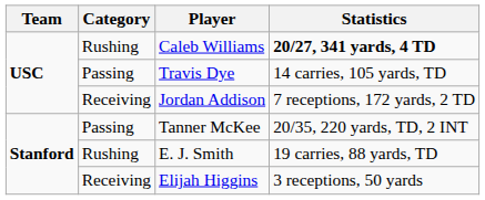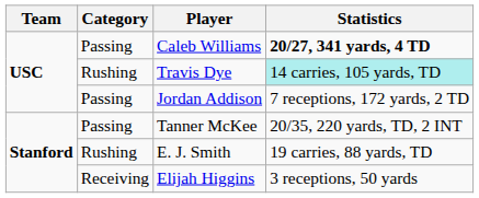 <table class="wikitable" style="float: right;">
 <tr>
 <th>Team</th>
 <th>Category</th>
 <th>Player</th>
 <th>Statistics</th>
 </tr>
 <tr>
 <td rowspan=3><strong>USC</strong></td>
-<td>Rushing</td>
+<td>Passing</td>
 <td><a href='#'>Caleb Williams</a></td>
 <td><strong>20/27, 341 yards, 4 TD</strong></td>
 </tr>
 <tr>
-<td>Passing</td>
+<td>Rushing</td>
 <td><a href='#'>Travis Dye</a></td>
-<td>14 carries, 105 yards, TD</td>
+<td style="background: paleturquoise;">14 carries, 105 yards, TD</td>
 </tr>
 <tr>
-<td>Receiving</td>
+<td>Passing</td>
 <td><a href='#'>Jordan Addison</a></td>
 <td>7 receptions, 172 yards, 2 TD</td>
 </tr>
 <tr>
 <td rowspan=3><strong>Stanford</strong></td>
 <td>Passing</td>
 <td>Tanner McKee</td>
 <td>20/35, 220 yards, TD, 2 INT</td>
 </tr>
 <tr>
 <td>Rushing</td>
 <td>E. J. Smith</td>
 <td>19 carries, 88 yards, TD</td>
 </tr>
 <tr>
 <td>Receiving</td>
 <td><a href='#'>Elijah Higgins</a></td>
 <td>3 receptions, 50 yards</td>
 </tr>
 </table>
